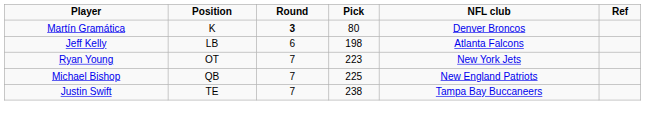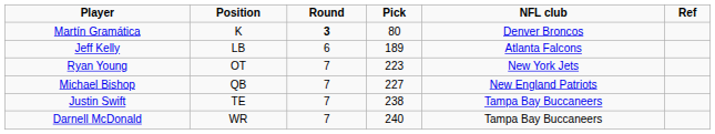 <table class="wikitable" width="80%">
 <tr align="center" |+>
 <td><strong>Player</strong></td>
 <td><strong>Position</strong></td>
 <td><strong>Round</strong></td>
 <td><strong>Pick</strong></td>
 <td><strong>NFL club</strong></td>
 <td><strong>Ref</strong></td>
 </tr>
 <tr align="center" bgcolor="">
 <td><a href='#'>Martín Gramática</a></td>
 <td>K</td>
 <td><strong>3</strong></td>
 <td>80</td>
 <td><a href='#'>Denver Broncos</a></td>
 <td></td>
 </tr>
 <tr align="center" bgcolor="">
 <td><a href='#'>Jeff Kelly</a></td>
 <td>LB</td>
 <td>6</td>
-<td>198</td>
+<td>189</td>
 <td><a href='#'>Atlanta Falcons</a></td>
 <td></td>
 </tr>
 <tr align="center" bgcolor="">
 <td><a href='#'>Ryan Young</a></td>
 <td>OT</td>
 <td>7</td>
 <td>223</td>
 <td><a href='#'>New York Jets</a></td>
 <td></td>
 </tr>
 <tr align="center" bgcolor="">
 <td><a href='#'>Michael Bishop</a></td>
 <td>QB</td>
 <td>7</td>
-<td>225</td>
+<td>227</td>
 <td><a href='#'>New England Patriots</a></td>
 <td></td>
 </tr>
 <tr align="center" bgcolor="">
 <td><a href='#'>Justin Swift</a></td>
 <td>TE</td>
 <td>7</td>
 <td>238</td>
 <td><a href='#'>Tampa Bay Buccaneers</a></td>
 <td></td>
 </tr>
+<tr align="center" bgcolor="">
+<td><a href='#'>Darnell McDonald</a></td>
+<td>WR</td>
+<td>7</td>
+<td>240</td>
+<td>Tampa Bay Buccaneers</td>
+<td></td>
+</tr>
 </table>
